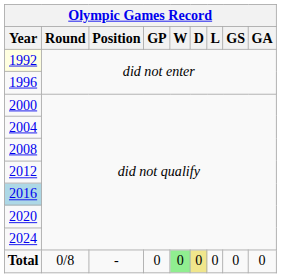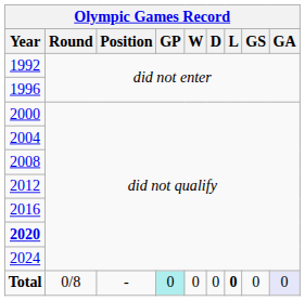 <table class="wikitable" style="text-align: center;font-size:100%;">
 <tr>
 <th colspan=9><a href='#'>Olympic Games Record</a></th>
 </tr>
 <tr>
 <th>Year</th>
 <th>Round</th>
 <th>Position</th>
 <th>GP</th>
 <th>W</th>
 <th>D</th>
 <th>L</th>
 <th>GS</th>
 <th>GA</th>
 </tr>
 <tr>
-<td style="background: lightyellow;"> <a href='#'>1992</a></td>
+<td> <a href='#'>1992</a></td>
 <td rowspan="2" colspan="9"><em>did not enter</em></td>
 </tr>
 <tr>
 <td> <a href='#'>1996</a></td>
 </tr>
 <tr>
 <td> <a href='#'>2000</a></td>
 <td rowspan="7" colspan="9"><em>did not qualify</em></td>
 </tr>
 <tr>
 <td> <a href='#'>2004</a></td>
 </tr>
 <tr>
 <td> <a href='#'>2008</a></td>
 </tr>
 <tr>
 <td> <a href='#'>2012</a></td>
 </tr>
 <tr>
-<td style="background: lightblue;"> <a href='#'>2016</a></td>
+<td> <a href='#'>2016</a></td>
 </tr>
 <tr>
-<td> <a href='#'>2020</a></td>
+<td><strong> <a href='#'>2020</a></strong></td>
 </tr>
 <tr>
 <td> <a href='#'>2024</a></td>
 </tr>
 <tr>
 <td><strong>Total</strong></td>
 <td>0/8</td>
 <td>-</td>
-<td>0</td>
-<td style="background: lightgreen;">0</td>
-<td style="background: khaki;">0</td>
+<td style="background: paleturquoise;">0</td>
 <td>0</td>
 <td>0</td>
+<td><strong>0</strong></td>
 <td>0</td>
+<td style="background: lavender;">0</td>
 </tr>
 </table>
